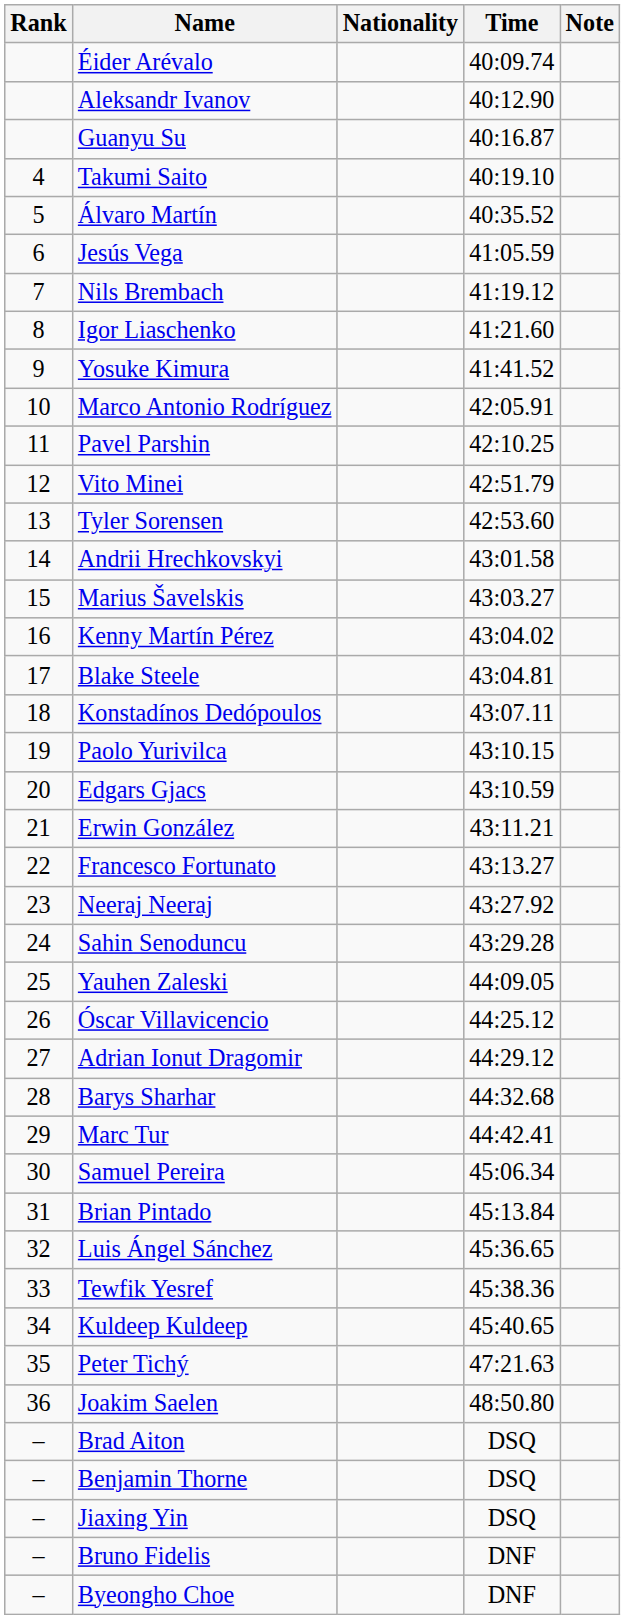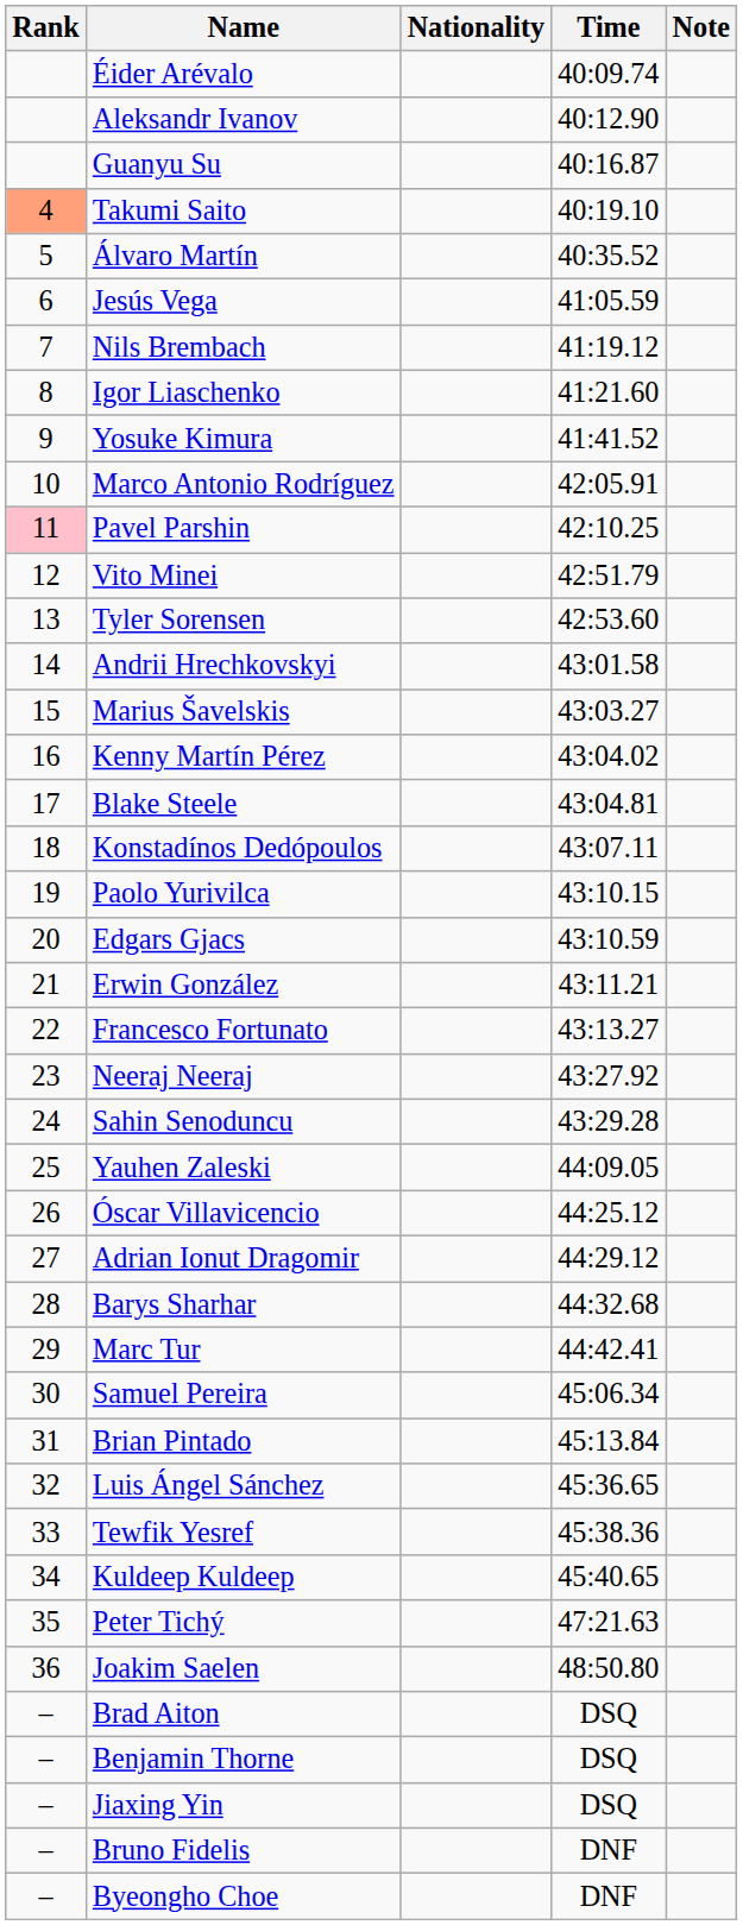 <table class="wikitable sortable" style="text-align:center">
 <tr>
 <th>Rank</th>
 <th>Name</th>
 <th>Nationality</th>
 <th>Time</th>
 <th>Note</th>
 </tr>
 <tr>
 <td></td>
 <td align=left><a href='#'>Éider Arévalo</a></td>
 <td align=left></td>
 <td>40:09.74</td>
 <td><strong></strong></td>
 </tr>
 <tr>
 <td></td>
 <td align=left><a href='#'>Aleksandr Ivanov</a></td>
 <td align=left></td>
 <td>40:12.90</td>
 <td><strong></strong></td>
 </tr>
 <tr>
 <td></td>
 <td align=left><a href='#'>Guanyu Su</a></td>
 <td align=left></td>
 <td>40:16.87</td>
 <td><strong></strong></td>
 </tr>
 <tr>
-<td>4</td>
+<td style="background: lightsalmon;">4</td>
 <td align=left><a href='#'>Takumi Saito</a></td>
 <td align=left></td>
 <td>40:19.10</td>
 <td><strong></strong></td>
 </tr>
 <tr>
 <td>5</td>
 <td align=left><a href='#'>Álvaro Martín</a></td>
 <td align=left></td>
 <td>40:35.52</td>
 <td><strong></strong></td>
 </tr>
 <tr>
 <td>6</td>
 <td align=left><a href='#'>Jesús Vega</a></td>
 <td align=left></td>
 <td>41:05.59</td>
 <td><strong></strong></td>
 </tr>
 <tr>
 <td>7</td>
 <td align=left><a href='#'>Nils Brembach</a></td>
 <td align=left></td>
 <td>41:19.12</td>
 <td></td>
 </tr>
 <tr>
 <td>8</td>
 <td align=left><a href='#'>Igor Liaschenko</a></td>
 <td align=left></td>
 <td>41:21.60</td>
 <td><strong></strong></td>
 </tr>
 <tr>
 <td>9</td>
 <td align=left><a href='#'>Yosuke Kimura</a></td>
 <td align=left></td>
 <td>41:41.52</td>
 <td><strong></strong></td>
 </tr>
 <tr>
 <td>10</td>
 <td align=left><a href='#'>Marco Antonio Rodríguez</a></td>
 <td align=left></td>
 <td>42:05.91</td>
 <td><strong></strong></td>
 </tr>
 <tr>
-<td>11</td>
+<td style="background: pink;">11</td>
 <td align=left><a href='#'>Pavel Parshin</a></td>
 <td align=left></td>
 <td>42:10.25</td>
 <td></td>
 </tr>
 <tr>
 <td>12</td>
 <td align=left><a href='#'>Vito Minei</a></td>
 <td align=left></td>
 <td>42:51.79</td>
 <td><strong></strong></td>
 </tr>
 <tr>
 <td>13</td>
 <td align=left><a href='#'>Tyler Sorensen</a></td>
 <td align=left></td>
 <td>42:53.60</td>
 <td><strong></strong></td>
 </tr>
 <tr>
 <td>14</td>
 <td align=left><a href='#'>Andrii Hrechkovskyi</a></td>
 <td align=left></td>
 <td>43:01.58</td>
 <td><strong></strong></td>
 </tr>
 <tr>
 <td>15</td>
 <td align=left><a href='#'>Marius Šavelskis</a></td>
 <td align=left></td>
 <td>43:03.27</td>
 <td><strong></strong></td>
 </tr>
 <tr>
 <td>16</td>
 <td align=left><a href='#'>Kenny Martín Pérez</a></td>
 <td align=left></td>
 <td>43:04.02</td>
 <td><strong></strong></td>
 </tr>
 <tr>
 <td>17</td>
 <td align=left><a href='#'>Blake Steele</a></td>
 <td align=left></td>
 <td>43:04.81</td>
 <td><strong></strong></td>
 </tr>
 <tr>
 <td>18</td>
 <td align=left><a href='#'>Konstadínos Dedópoulos</a></td>
 <td align=left></td>
 <td>43:07.11</td>
 <td></td>
 </tr>
 <tr>
 <td>19</td>
 <td align=left><a href='#'>Paolo Yurivilca</a></td>
 <td align=left></td>
 <td>43:10.15</td>
 <td><strong></strong></td>
 </tr>
 <tr>
 <td>20</td>
 <td align=left><a href='#'>Edgars Gjacs</a></td>
 <td align=left></td>
 <td>43:10.59</td>
 <td><strong></strong></td>
 </tr>
 <tr>
 <td>21</td>
 <td align=left><a href='#'>Erwin González</a></td>
 <td align=left></td>
 <td>43:11.21</td>
 <td></td>
 </tr>
 <tr>
 <td>22</td>
 <td align=left><a href='#'>Francesco Fortunato</a></td>
 <td align=left></td>
 <td>43:13.27</td>
 <td></td>
 </tr>
 <tr>
 <td>23</td>
 <td align=left><a href='#'>Neeraj Neeraj</a></td>
 <td align=left></td>
 <td>43:27.92</td>
 <td><strong></strong></td>
 </tr>
 <tr>
 <td>24</td>
 <td align=left><a href='#'>Sahin Senoduncu</a></td>
 <td align=left></td>
 <td>43:29.28</td>
 <td><strong></strong></td>
 </tr>
 <tr>
 <td>25</td>
 <td align=left><a href='#'>Yauhen Zaleski</a></td>
 <td align=left></td>
 <td>44:09.05</td>
 <td><strong></strong></td>
 </tr>
 <tr>
 <td>26</td>
 <td align=left><a href='#'>Óscar Villavicencio</a></td>
 <td align=left></td>
 <td>44:25.12</td>
 <td></td>
 </tr>
 <tr>
 <td>27</td>
 <td align=left><a href='#'>Adrian Ionut Dragomir</a></td>
 <td align=left></td>
 <td>44:29.12</td>
 <td></td>
 </tr>
 <tr>
 <td>28</td>
 <td align=left><a href='#'>Barys Sharhar</a></td>
 <td align=left></td>
 <td>44:32.68</td>
 <td></td>
 </tr>
 <tr>
 <td>29</td>
 <td align=left><a href='#'>Marc Tur</a></td>
 <td align=left></td>
 <td>44:42.41</td>
 <td></td>
 </tr>
 <tr>
 <td>30</td>
 <td align=left><a href='#'>Samuel Pereira</a></td>
 <td align=left></td>
 <td>45:06.34</td>
 <td></td>
 </tr>
 <tr>
 <td>31</td>
 <td align=left><a href='#'>Brian Pintado</a></td>
 <td align=left></td>
 <td>45:13.84</td>
 <td><strong></strong></td>
 </tr>
 <tr>
 <td>32</td>
 <td align=left><a href='#'>Luis Ángel Sánchez</a></td>
 <td align=left></td>
 <td>45:36.65</td>
 <td></td>
 </tr>
 <tr>
 <td>33</td>
 <td align=left><a href='#'>Tewfik Yesref</a></td>
 <td align=left></td>
 <td>45:38.36</td>
 <td><strong></strong></td>
 </tr>
 <tr>
 <td>34</td>
 <td align=left><a href='#'>Kuldeep Kuldeep</a></td>
 <td align=left></td>
 <td>45:40.65</td>
 <td></td>
 </tr>
 <tr>
 <td>35</td>
 <td align=left><a href='#'>Peter Tichý</a></td>
 <td align=left></td>
 <td>47:21.63</td>
 <td></td>
 </tr>
 <tr>
 <td>36</td>
 <td align=left><a href='#'>Joakim Saelen</a></td>
 <td align=left></td>
 <td>48:50.80</td>
 <td><strong></strong></td>
 </tr>
 <tr>
 <td>–</td>
 <td align=left><a href='#'>Brad Aiton</a></td>
 <td align=left></td>
 <td>DSQ</td>
 <td></td>
 </tr>
 <tr>
 <td>–</td>
 <td align=left><a href='#'>Benjamin Thorne</a></td>
 <td align=left></td>
 <td>DSQ</td>
 <td></td>
 </tr>
 <tr>
 <td>–</td>
 <td align=left><a href='#'>Jiaxing Yin</a></td>
 <td align=left></td>
 <td>DSQ</td>
 <td></td>
 </tr>
 <tr>
 <td>–</td>
 <td align=left><a href='#'>Bruno Fidelis</a></td>
 <td align=left></td>
 <td>DNF</td>
 <td></td>
 </tr>
 <tr>
 <td>–</td>
 <td align=left><a href='#'>Byeongho Choe</a></td>
 <td align=left></td>
 <td>DNF</td>
 <td></td>
 </tr>
 </table>
